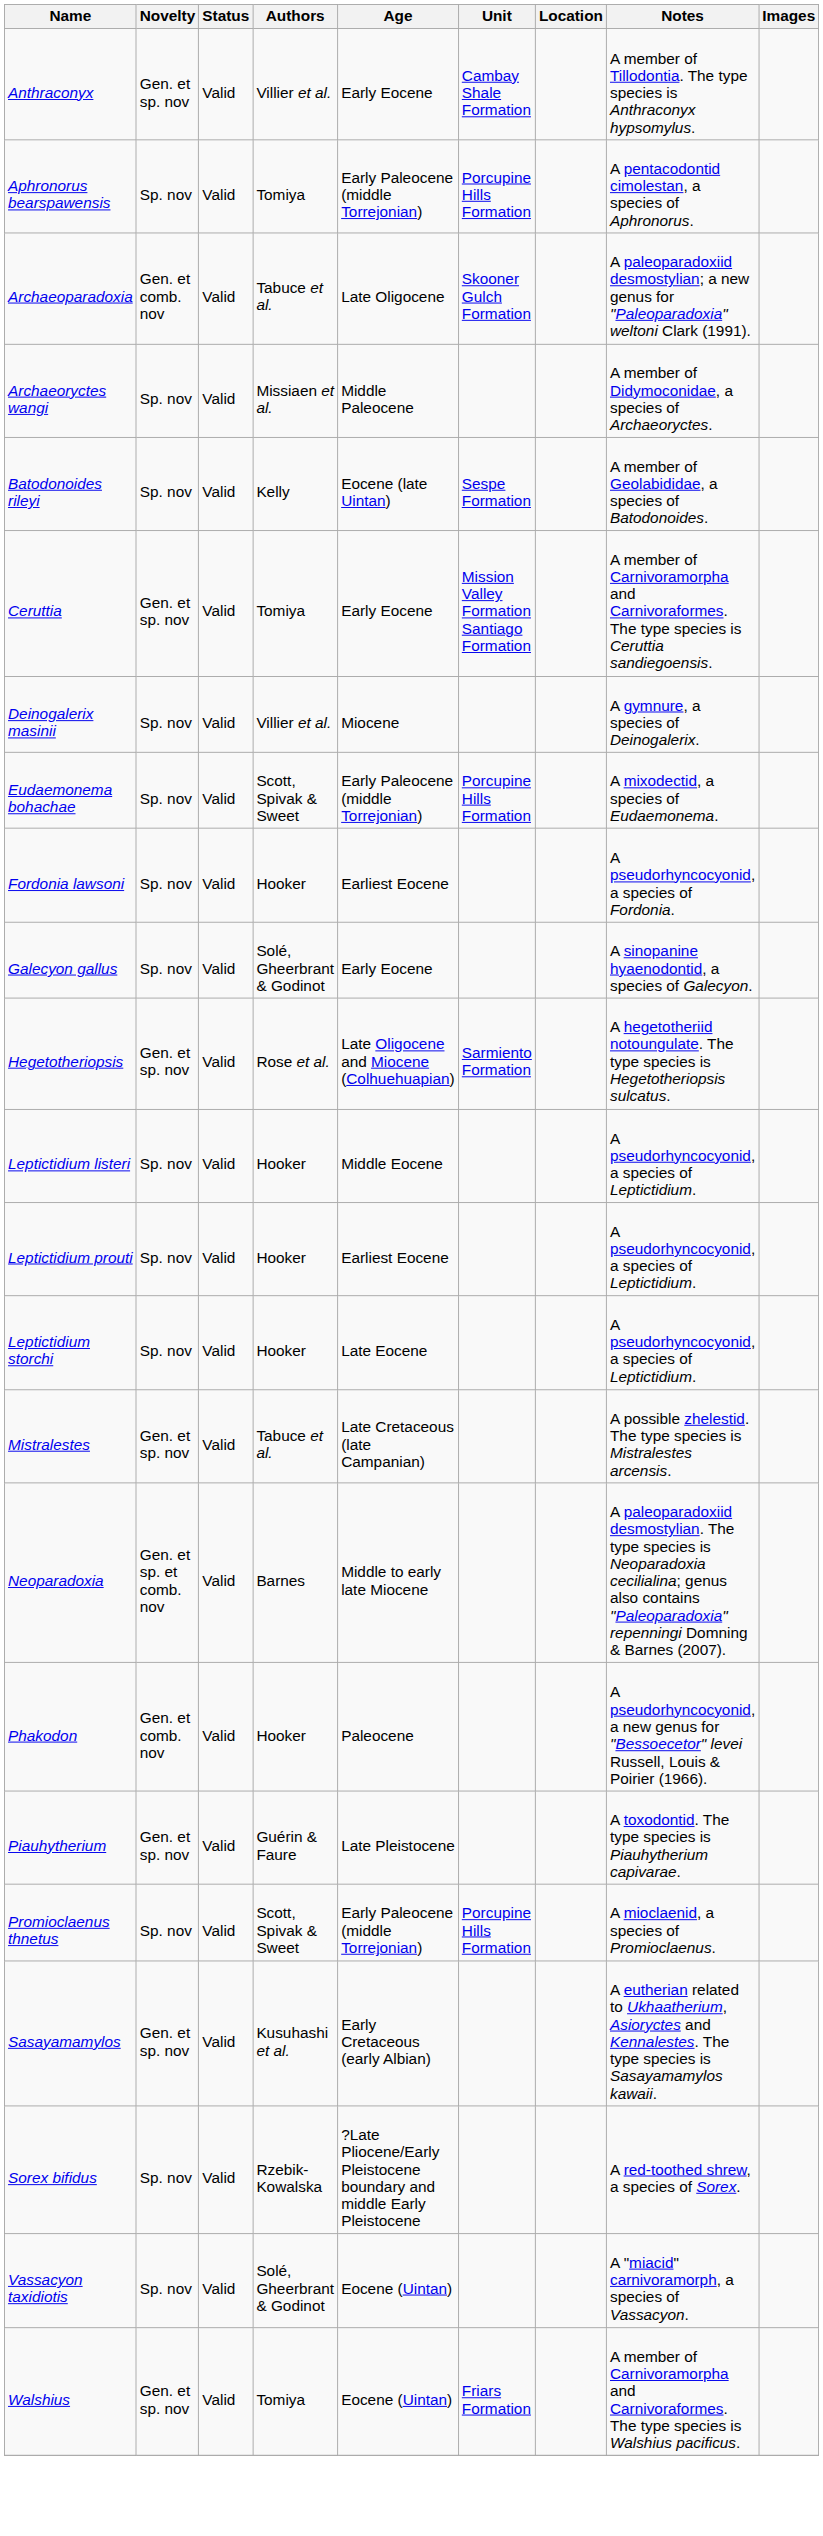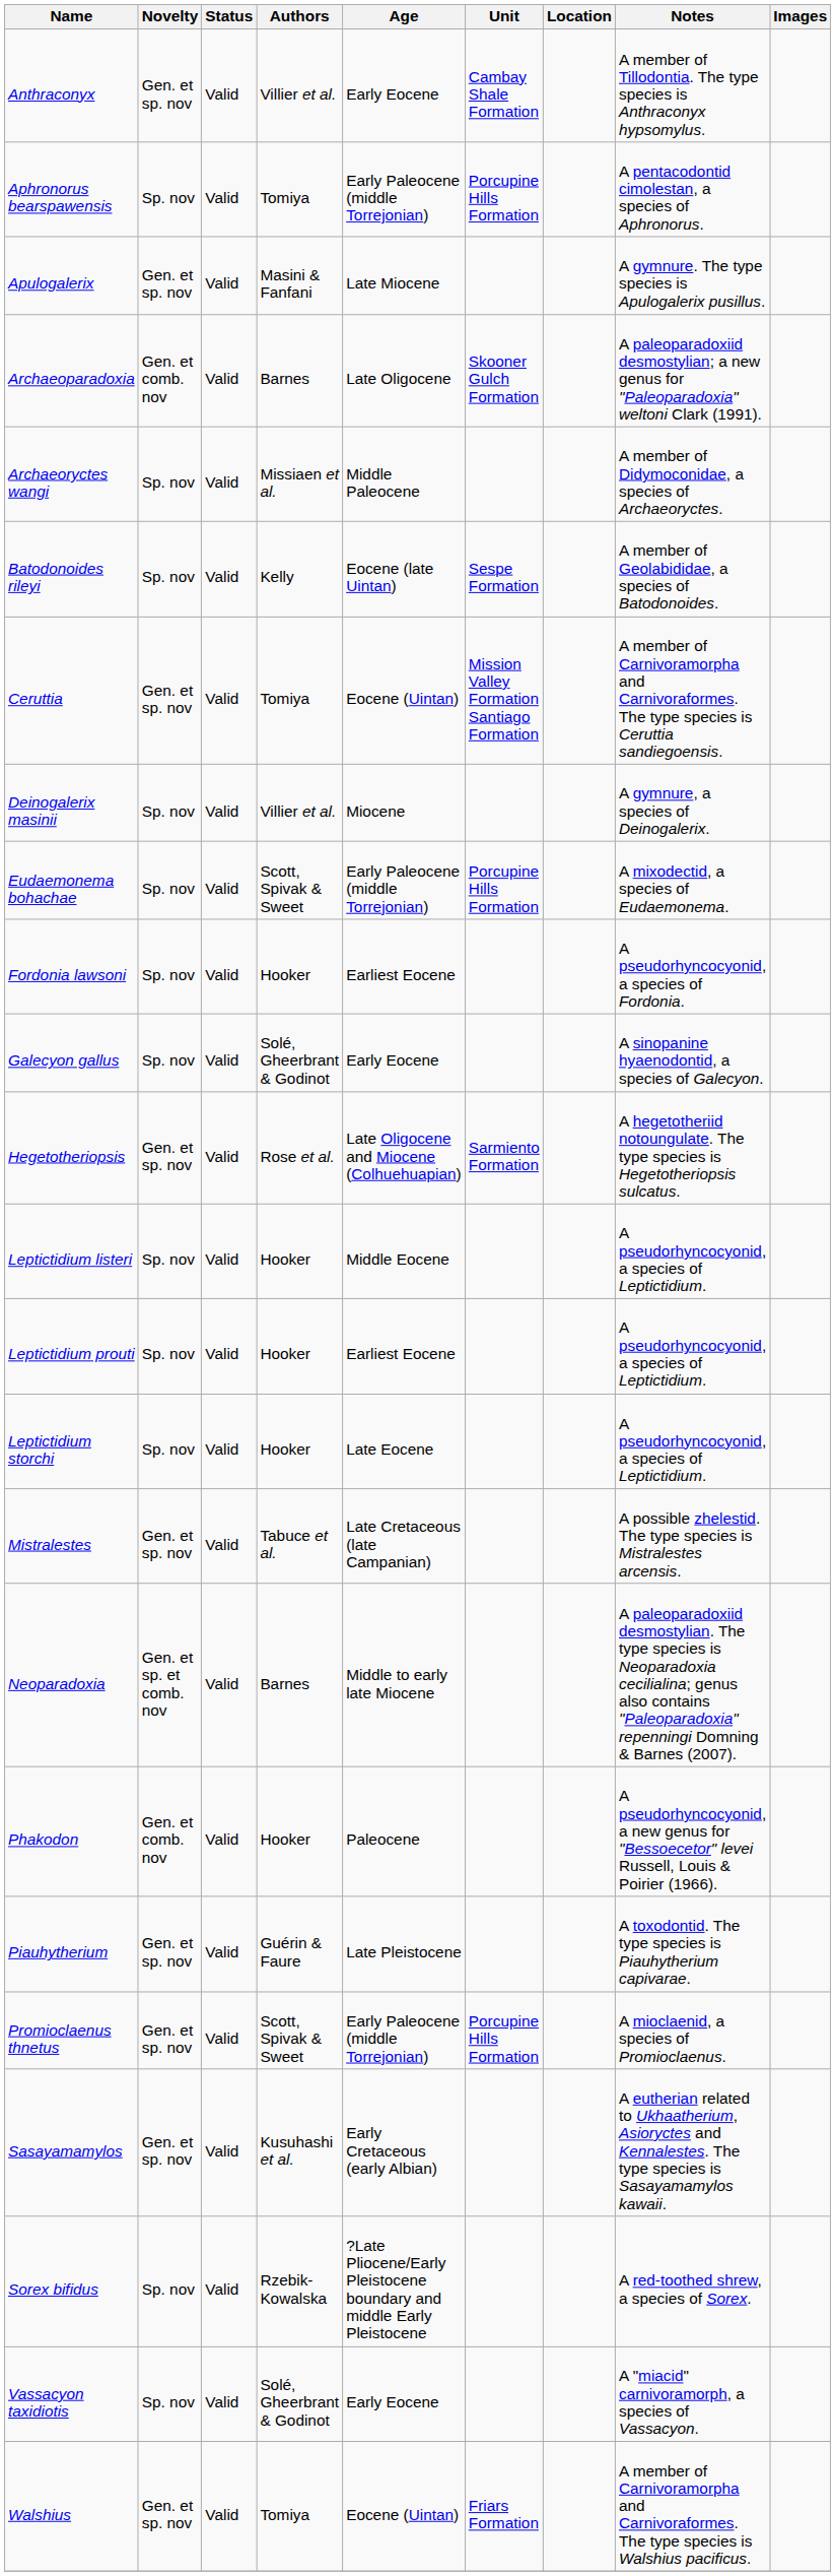 <table class="wikitable sortable" align="center" width="100%">
 <tr>
 <th>Name</th>
 <th>Novelty</th>
 <th>Status</th>
 <th>Authors</th>
 <th>Age</th>
 <th>Unit</th>
 <th>Location</th>
 <th>Notes</th>
 <th>Images</th>
 </tr>
 <tr>
 <td><br><em><a href='#'>Anthraconyx</a></em></td>
 <td><br>Gen. et sp. nov</td>
 <td><br>Valid</td>
 <td><br>Villier <em>et al.</em></td>
 <td><br>Early Eocene</td>
 <td><br><a href='#'>Cambay Shale Formation</a></td>
 <td><br></td>
 <td><br>A member of <a href='#'>Tillodontia</a>. The type species is <em>Anthraconyx hypsomylus</em>.</td>
 <td></td>
 </tr>
 <tr>
 <td><br><em><a href='#'>Aphronorus bearspawensis</a></em></td>
 <td><br>Sp. nov</td>
 <td><br>Valid</td>
 <td><br>Tomiya</td>
 <td><br>Early Paleocene (middle <a href='#'>Torrejonian</a>)</td>
 <td><br><a href='#'>Porcupine Hills Formation</a></td>
 <td><br></td>
 <td><br>A <a href='#'>pentacodontid</a> <a href='#'>cimolestan</a>, a species of <em>Aphronorus</em>.</td>
 <td></td>
 </tr>
 <tr>
+<td><br><em><a href='#'>Apulogalerix</a></em></td>
+<td><br>Gen. et sp. nov</td>
+<td><br>Valid</td>
+<td><br>Masini & Fanfani</td>
+<td><br>Late Miocene</td>
+<td></td>
+<td><br></td>
+<td><br>A <a href='#'>gymnure</a>. The type species is <em>Apulogalerix pusillus</em>.</td>
+<td></td>
+</tr>
+<tr>
 <td><br><em><a href='#'>Archaeoparadoxia</a></em></td>
 <td><br>Gen. et comb. nov</td>
 <td><br>Valid</td>
-<td><br>Tabuce <em>et al.</em></td>
+<td><br>Barnes</td>
 <td><br>Late Oligocene</td>
 <td><br><a href='#'>Skooner Gulch Formation</a></td>
 <td><br></td>
 <td><br>A <a href='#'>paleoparadoxiid</a> <a href='#'>desmostylian</a>; a new genus for <em>"<a href='#'>Paleoparadoxia</a>" weltoni</em> Clark (1991).</td>
 <td></td>
 </tr>
 <tr>
 <td><br><em><a href='#'>Archaeoryctes wangi</a></em></td>
 <td><br>Sp. nov</td>
 <td><br>Valid</td>
 <td><br>Missiaen <em>et al.</em></td>
 <td><br>Middle Paleocene</td>
 <td></td>
 <td><br></td>
 <td><br>A member of <a href='#'>Didymoconidae</a>, a species of <em>Archaeoryctes</em>.</td>
 <td></td>
 </tr>
 <tr>
 <td><br><em><a href='#'>Batodonoides rileyi</a></em></td>
 <td><br>Sp. nov</td>
 <td><br>Valid</td>
 <td><br>Kelly</td>
 <td><br>Eocene (late <a href='#'>Uintan</a>)</td>
 <td><br><a href='#'>Sespe Formation</a></td>
 <td><br></td>
 <td><br>A member of <a href='#'>Geolabididae</a>, a species of <em>Batodonoides</em>.</td>
 <td></td>
 </tr>
 <tr>
 <td><br><em><a href='#'>Ceruttia</a></em></td>
 <td><br>Gen. et sp. nov</td>
 <td><br>Valid</td>
 <td><br>Tomiya</td>
-<td><br>Early Eocene</td>
+<td><br>Eocene (<a href='#'>Uintan</a>)</td>
 <td><br><a href='#'>Mission Valley Formation</a><br> <a href='#'>Santiago Formation</a></td>
 <td><br></td>
 <td><br>A member of <a href='#'>Carnivoramorpha</a> and <a href='#'>Carnivoraformes</a>. The type species is <em>Ceruttia sandiegoensis</em>.</td>
 <td></td>
 </tr>
 <tr>
 <td><br><em><a href='#'>Deinogalerix masinii</a></em></td>
 <td><br>Sp. nov</td>
 <td><br>Valid</td>
 <td><br>Villier <em>et al.</em></td>
 <td><br>Miocene</td>
 <td></td>
 <td><br></td>
 <td><br>A <a href='#'>gymnure</a>, a species of <em>Deinogalerix</em>.</td>
 <td></td>
 </tr>
 <tr>
 <td><br><em><a href='#'>Eudaemonema bohachae</a></em></td>
 <td><br>Sp. nov</td>
 <td><br>Valid</td>
 <td><br>Scott, Spivak & Sweet</td>
 <td><br>Early Paleocene (middle <a href='#'>Torrejonian</a>)</td>
 <td><br><a href='#'>Porcupine Hills Formation</a></td>
 <td><br></td>
 <td><br>A <a href='#'>mixodectid</a>, a species of <em>Eudaemonema</em>.</td>
 <td></td>
 </tr>
 <tr>
 <td><br><em><a href='#'>Fordonia lawsoni</a></em></td>
 <td><br>Sp. nov</td>
 <td><br>Valid</td>
 <td><br>Hooker</td>
 <td><br>Earliest Eocene</td>
 <td></td>
 <td><br></td>
 <td><br>A <a href='#'>pseudorhyncocyonid</a>, a species of <em>Fordonia</em>.</td>
 <td></td>
 </tr>
 <tr>
 <td><br><em><a href='#'>Galecyon gallus</a></em></td>
 <td><br>Sp. nov</td>
 <td><br>Valid</td>
 <td><br>Solé, Gheerbrant & Godinot</td>
 <td><br>Early Eocene</td>
 <td></td>
 <td><br></td>
 <td><br>A <a href='#'>sinopanine</a> <a href='#'>hyaenodontid</a>, a species of <em>Galecyon</em>.</td>
 <td></td>
 </tr>
 <tr>
 <td><br><em><a href='#'>Hegetotheriopsis</a></em></td>
 <td><br>Gen. et sp. nov</td>
 <td><br>Valid</td>
 <td><br>Rose <em>et al.</em></td>
 <td><br>Late <a href='#'>Oligocene</a> and <a href='#'>Miocene</a> (<a href='#'>Colhuehuapian</a>)</td>
 <td><br><a href='#'>Sarmiento Formation</a></td>
 <td><br></td>
 <td><br>A <a href='#'>hegetotheriid</a> <a href='#'>notoungulate</a>. The type species is <em>Hegetotheriopsis sulcatus</em>.</td>
 <td></td>
 </tr>
 <tr>
 <td><br><em><a href='#'>Leptictidium listeri</a></em></td>
 <td><br>Sp. nov</td>
 <td><br>Valid</td>
 <td><br>Hooker</td>
 <td><br>Middle Eocene</td>
 <td></td>
 <td><br></td>
 <td><br>A <a href='#'>pseudorhyncocyonid</a>, a species of <em>Leptictidium</em>.</td>
 <td></td>
 </tr>
 <tr>
 <td><br><em><a href='#'>Leptictidium prouti</a></em></td>
 <td><br>Sp. nov</td>
 <td><br>Valid</td>
 <td><br>Hooker</td>
 <td><br>Earliest Eocene</td>
 <td></td>
 <td><br></td>
 <td><br>A <a href='#'>pseudorhyncocyonid</a>, a species of <em>Leptictidium</em>.</td>
 <td></td>
 </tr>
 <tr>
 <td><br><em><a href='#'>Leptictidium storchi</a></em></td>
 <td><br>Sp. nov</td>
 <td><br>Valid</td>
 <td><br>Hooker</td>
 <td><br>Late Eocene</td>
 <td></td>
 <td><br></td>
 <td><br>A <a href='#'>pseudorhyncocyonid</a>, a species of <em>Leptictidium</em>.</td>
 <td></td>
 </tr>
 <tr>
 <td><br><em><a href='#'>Mistralestes</a></em></td>
 <td><br>Gen. et sp. nov</td>
 <td><br>Valid</td>
 <td><br>Tabuce <em>et al.</em></td>
 <td><br>Late Cretaceous (late Campanian)</td>
 <td></td>
 <td><br></td>
 <td><br>A possible <a href='#'>zhelestid</a>. The type species is <em>Mistralestes arcensis</em>.</td>
 <td></td>
 </tr>
 <tr>
 <td><br><em><a href='#'>Neoparadoxia</a></em></td>
 <td><br>Gen. et sp. et comb. nov</td>
 <td><br>Valid</td>
 <td><br>Barnes</td>
 <td><br>Middle to early late Miocene</td>
 <td></td>
 <td><br></td>
 <td><br>A <a href='#'>paleoparadoxiid</a> <a href='#'>desmostylian</a>. The type species is <em>Neoparadoxia cecilialina</em>; genus also contains <em>"<a href='#'>Paleoparadoxia</a>" repenningi</em> Domning & Barnes (2007).</td>
 <td></td>
 </tr>
 <tr>
 <td><br><em><a href='#'>Phakodon</a></em></td>
 <td><br>Gen. et comb. nov</td>
 <td><br>Valid</td>
 <td><br>Hooker</td>
 <td><br>Paleocene</td>
 <td></td>
 <td><br></td>
 <td><br>A <a href='#'>pseudorhyncocyonid</a>, a new genus for <em>"<a href='#'>Bessoecetor</a>" levei</em> Russell, Louis & Poirier (1966).</td>
 <td></td>
 </tr>
 <tr>
 <td><br><em><a href='#'>Piauhytherium</a></em></td>
 <td><br>Gen. et sp. nov</td>
 <td><br>Valid</td>
 <td><br>Guérin & Faure</td>
 <td><br>Late Pleistocene</td>
 <td></td>
 <td><br></td>
 <td><br>A <a href='#'>toxodontid</a>. The type species is <em>Piauhytherium capivarae</em>.</td>
 <td></td>
 </tr>
 <tr>
 <td><br><em><a href='#'>Promioclaenus thnetus</a></em></td>
-<td><br>Sp. nov</td>
+<td><br>Gen. et sp. nov</td>
 <td><br>Valid</td>
 <td><br>Scott, Spivak & Sweet</td>
 <td><br>Early Paleocene (middle <a href='#'>Torrejonian</a>)</td>
 <td><br><a href='#'>Porcupine Hills Formation</a></td>
 <td><br></td>
 <td><br>A <a href='#'>mioclaenid</a>, a species of <em>Promioclaenus</em>.</td>
 <td></td>
 </tr>
 <tr>
 <td><br><em><a href='#'>Sasayamamylos</a></em></td>
 <td><br>Gen. et sp. nov</td>
 <td><br>Valid</td>
 <td><br>Kusuhashi <em>et al.</em></td>
 <td><br>Early Cretaceous (early Albian)</td>
 <td></td>
 <td><br></td>
 <td><br>A <a href='#'>eutherian</a> related to <em><a href='#'>Ukhaatherium</a></em>, <em><a href='#'>Asioryctes</a></em> and <em><a href='#'>Kennalestes</a></em>. The type species is <em>Sasayamamylos kawaii</em>.</td>
 <td></td>
 </tr>
 <tr>
 <td><br><em><a href='#'>Sorex bifidus</a></em></td>
 <td><br>Sp. nov</td>
 <td><br>Valid</td>
 <td><br>Rzebik-Kowalska</td>
 <td><br>?Late Pliocene/Early Pleistocene boundary and middle Early Pleistocene</td>
 <td></td>
 <td><br></td>
 <td><br>A <a href='#'>red-toothed shrew</a>, a species of <em><a href='#'>Sorex</a></em>.</td>
 <td></td>
 </tr>
 <tr>
 <td><br><em><a href='#'>Vassacyon taxidiotis</a></em></td>
 <td><br>Sp. nov</td>
 <td><br>Valid</td>
 <td><br>Solé, Gheerbrant & Godinot</td>
-<td><br>Eocene (<a href='#'>Uintan</a>)</td>
+<td><br>Early Eocene</td>
 <td></td>
 <td><br></td>
 <td><br>A "<a href='#'>miacid</a>" <a href='#'>carnivoramorph</a>, a species of <em>Vassacyon</em>.</td>
 <td></td>
 </tr>
 <tr>
 <td><br><em><a href='#'>Walshius</a></em></td>
 <td><br>Gen. et sp. nov</td>
 <td><br>Valid</td>
 <td><br>Tomiya</td>
 <td><br>Eocene (<a href='#'>Uintan</a>)</td>
 <td><br><a href='#'>Friars Formation</a></td>
 <td><br></td>
 <td><br>A member of <a href='#'>Carnivoramorpha</a> and <a href='#'>Carnivoraformes</a>. The type species is <em>Walshius pacificus</em>.</td>
 <td></td>
 </tr>
 <tr>
 </tr>
 </table>
